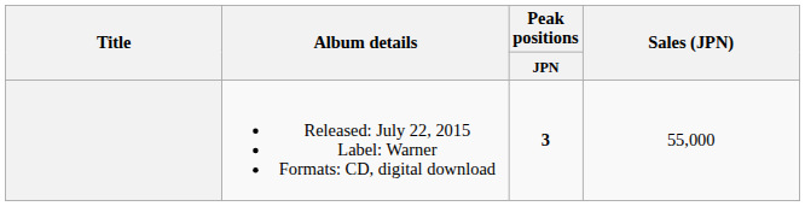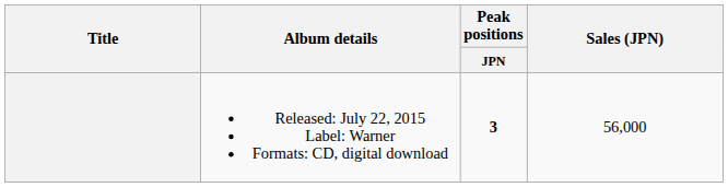 <table class="wikitable plainrowheaders" style="text-align:center;">
 <tr>
 <th style="width:12em;" rowspan="2">Title</th>
 <th style="width:16em;" rowspan="2">Album details</th>
 <th colspan="1">Peak positions</th>
 <th style="width:12em;" rowspan="2">Sales (JPN)</th>
 </tr>
 <tr>
 <th style="width:2.5em;"><small>JPN</small><br></th>
 </tr>
 <tr>
 <th scope="row"></th>
 <td><br><ul><li>Released: July 22, 2015</li><li>Label: Warner</li><li>Formats: CD, digital download</li></ul></td>
 <td><strong>3</strong></td>
-<td>55,000</td>
+<td>56,000</td>
 </tr>
 </table>
